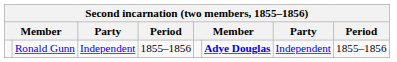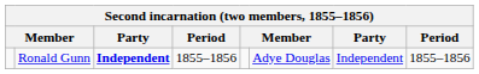 <table class="wikitable">
 <tr>
 <th colspan="8">Second incarnation (two members, 1855–1856)</th>
 </tr>
 <tr>
 <th colspan="2">Member</th>
 <th>Party</th>
 <th>Period</th>
 <th colspan="2">Member</th>
 <th>Party</th>
 <th>Period</th>
 </tr>
 <tr>
 <td> </td>
 <td><a href='#'>Ronald Gunn</a></td>
-<td><a href='#'>Independent</a></td>
+<td><strong><a href='#'>Independent</a></strong></td>
 <td>1855–1856</td>
 <td> </td>
-<td><strong><a href='#'>Adye Douglas</a></strong></td>
+<td><a href='#'>Adye Douglas</a></td>
 <td><a href='#'>Independent</a></td>
 <td>1855–1856</td>
 </tr>
 </table>
